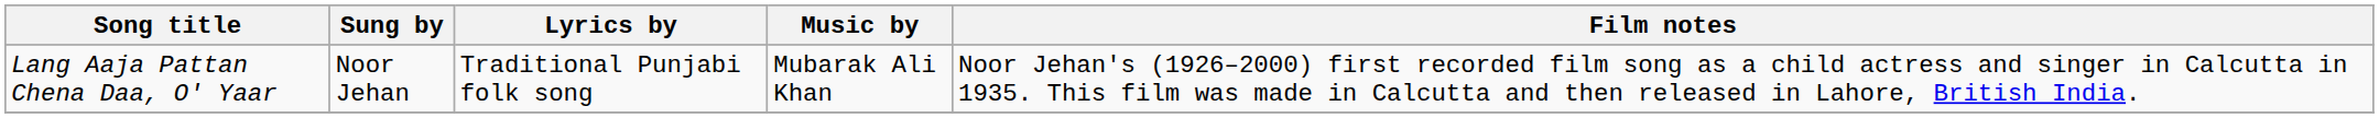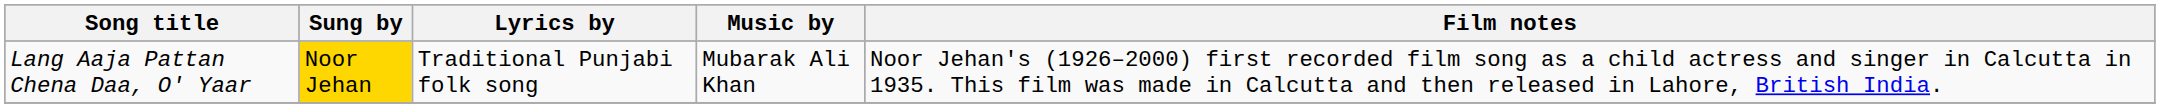 <table class = "wikitable">
 <tr>
 <th>Song title</th>
 <th>Sung by</th>
 <th>Lyrics by</th>
 <th>Music by</th>
 <th>Film notes</th>
 </tr>
 <tr>
 <td><em>Lang Aaja Pattan Chena Daa, O' Yaar</em></td>
-<td>Noor Jehan</td>
+<td style="background: gold;">Noor Jehan</td>
 <td>Traditional Punjabi folk song</td>
 <td>Mubarak Ali Khan</td>
 <td>Noor Jehan's (1926–2000) first recorded film song as a child actress and singer in Calcutta in 1935. This film was made in Calcutta and then released in Lahore, <a href='#'>British India</a>.</td>
 </tr>
 <tr>
 </tr>
 </table>
